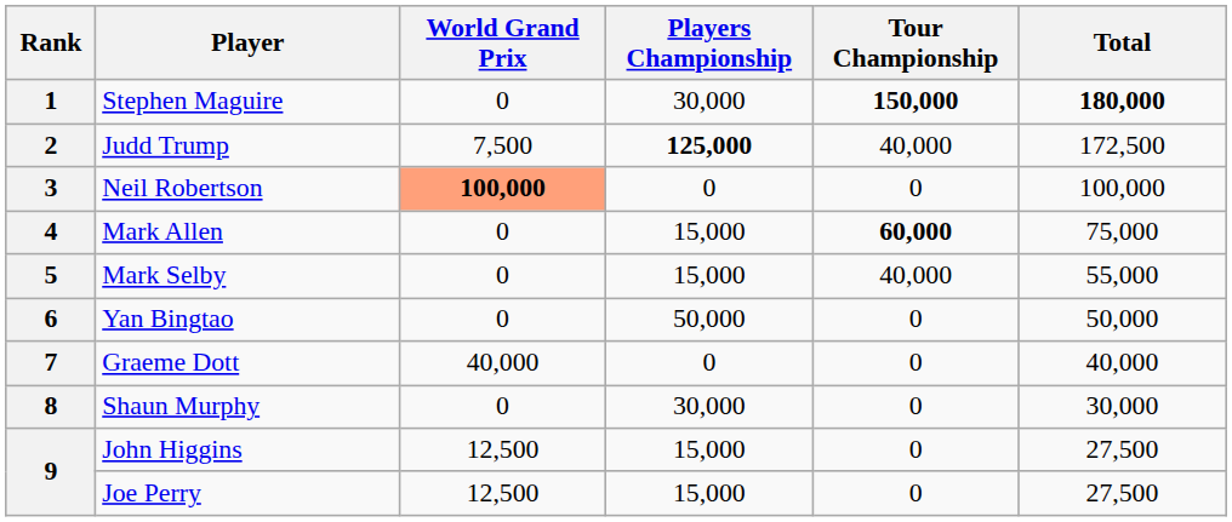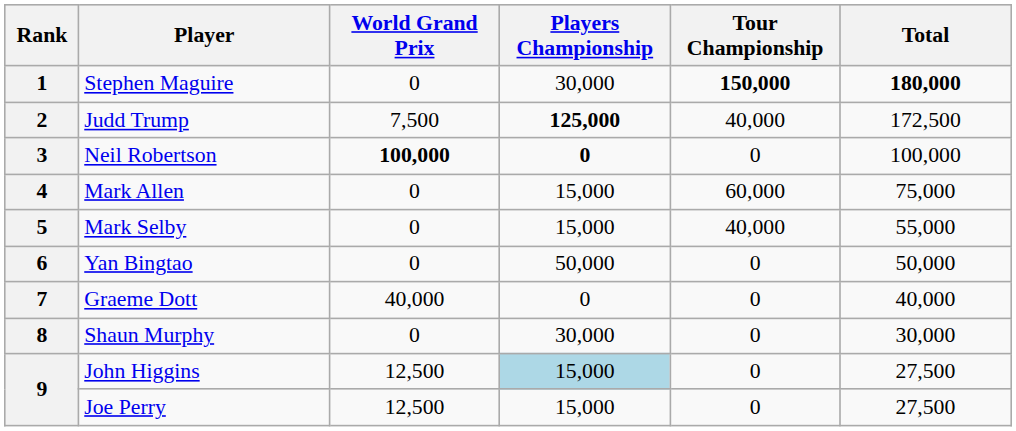 <table class="wikitable sortable" style="font-size: 85%">
 <tr>
 <th scope="col" width=40 align="center">Rank</th>
 <th scope="col" width=150>Player</th>
 <th scope="col" width=100><a href='#'>World Grand Prix</a></th>
 <th scope="col" width=100><a href='#'>Players Championship</a></th>
 <th scope="col" width=100>Tour Championship</th>
 <th scope="col" width=100>Total</th>
 </tr>
 <tr>
 <th scope="row" align="center">1</th>
 <td> <a href='#'>Stephen Maguire</a></td>
 <td align="center">0</td>
 <td align="center">30,000</td>
 <td align="center"><strong>150,000</strong></td>
 <td align="center"><strong>180,000</strong></td>
 </tr>
 <tr>
 <th scope="row" align="center">2</th>
 <td> <a href='#'>Judd Trump</a></td>
 <td align="center">7,500</td>
 <td align="center"><strong>125,000</strong></td>
 <td align="center">40,000</td>
 <td align="center">172,500</td>
 </tr>
 <tr>
 <th scope="row" align="center">3</th>
 <td> <a href='#'>Neil Robertson</a></td>
-<td align="center" style="background: lightsalmon;"><strong>100,000</strong></td>
-<td align="center">0</td>
+<td align="center"><strong>100,000</strong></td>
+<td align="center"><strong>0</strong></td>
 <td align="center">0</td>
 <td align="center">100,000</td>
 </tr>
 <tr>
 <th scope="row" align="center">4</th>
 <td> <a href='#'>Mark Allen</a></td>
 <td align="center">0</td>
 <td align="center">15,000</td>
-<td align="center"><strong>60,000</strong></td>
+<td align="center">60,000</td>
 <td align="center">75,000</td>
 </tr>
 <tr>
 <th scope="row" align="center">5</th>
 <td> <a href='#'>Mark Selby</a></td>
 <td align="center">0</td>
 <td align="center">15,000</td>
 <td align="center">40,000</td>
 <td align="center">55,000</td>
 </tr>
 <tr>
 <th scope="row" align="center">6</th>
 <td> <a href='#'>Yan Bingtao</a></td>
 <td align="center">0</td>
 <td align="center">50,000</td>
 <td align="center">0</td>
 <td align="center">50,000</td>
 </tr>
 <tr>
 <th scope="row" align="center">7</th>
 <td> <a href='#'>Graeme Dott</a></td>
 <td align="center">40,000</td>
 <td align="center">0</td>
 <td align="center">0</td>
 <td align="center">40,000</td>
 </tr>
 <tr>
 <th scope="row" align="center">8</th>
 <td> <a href='#'>Shaun Murphy</a></td>
 <td align="center">0</td>
 <td align="center">30,000</td>
 <td align="center">0</td>
 <td align="center">30,000</td>
 </tr>
 <tr>
 <th scope="row" rowspan=2 align="center">9</th>
 <td> <a href='#'>John Higgins</a></td>
 <td align="center">12,500</td>
-<td align="center">15,000</td>
+<td align="center" style="background: lightblue;">15,000</td>
 <td align="center">0</td>
 <td align="center">27,500</td>
 </tr>
 <tr>
 <td> <a href='#'>Joe Perry</a></td>
 <td align="center">12,500</td>
 <td align="center">15,000</td>
 <td align="center">0</td>
 <td align="center">27,500</td>
 </tr>
 </table>
